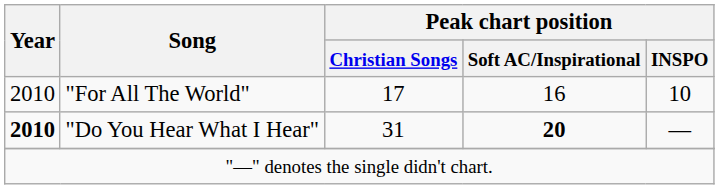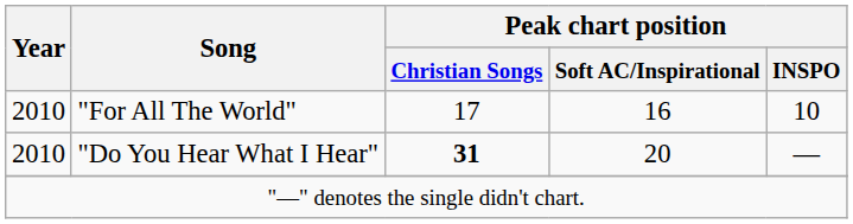 <table class="wikitable" style="text-align:center">
 <tr>
 <th rowspan="2">Year</th>
 <th rowspan="2">Song</th>
 <th colspan="3">Peak chart position</th>
 </tr>
 <tr>
 <th><small><a href='#'>Christian Songs</a></small></th>
 <th><small>Soft AC/Inspirational</small></th>
 <th><small>INSPO</small></th>
 </tr>
 <tr>
 <td>2010</td>
 <td style="text-align:left">"For All The World"</td>
 <td>17</td>
 <td>16</td>
 <td>10</td>
 </tr>
 <tr>
-<td><strong>2010</strong></td>
+<td>2010</td>
 <td style="text-align:left">"Do You Hear What I Hear"</td>
-<td>31</td>
-<td><strong>20</strong></td>
+<td><strong>31</strong></td>
+<td>20</td>
 <td>—</td>
 </tr>
 <tr>
 </tr>
 <tr>
 <td align="center" colspan="9"><small>"—" denotes the single didn't chart.</small></td>
 </tr>
 </table>
